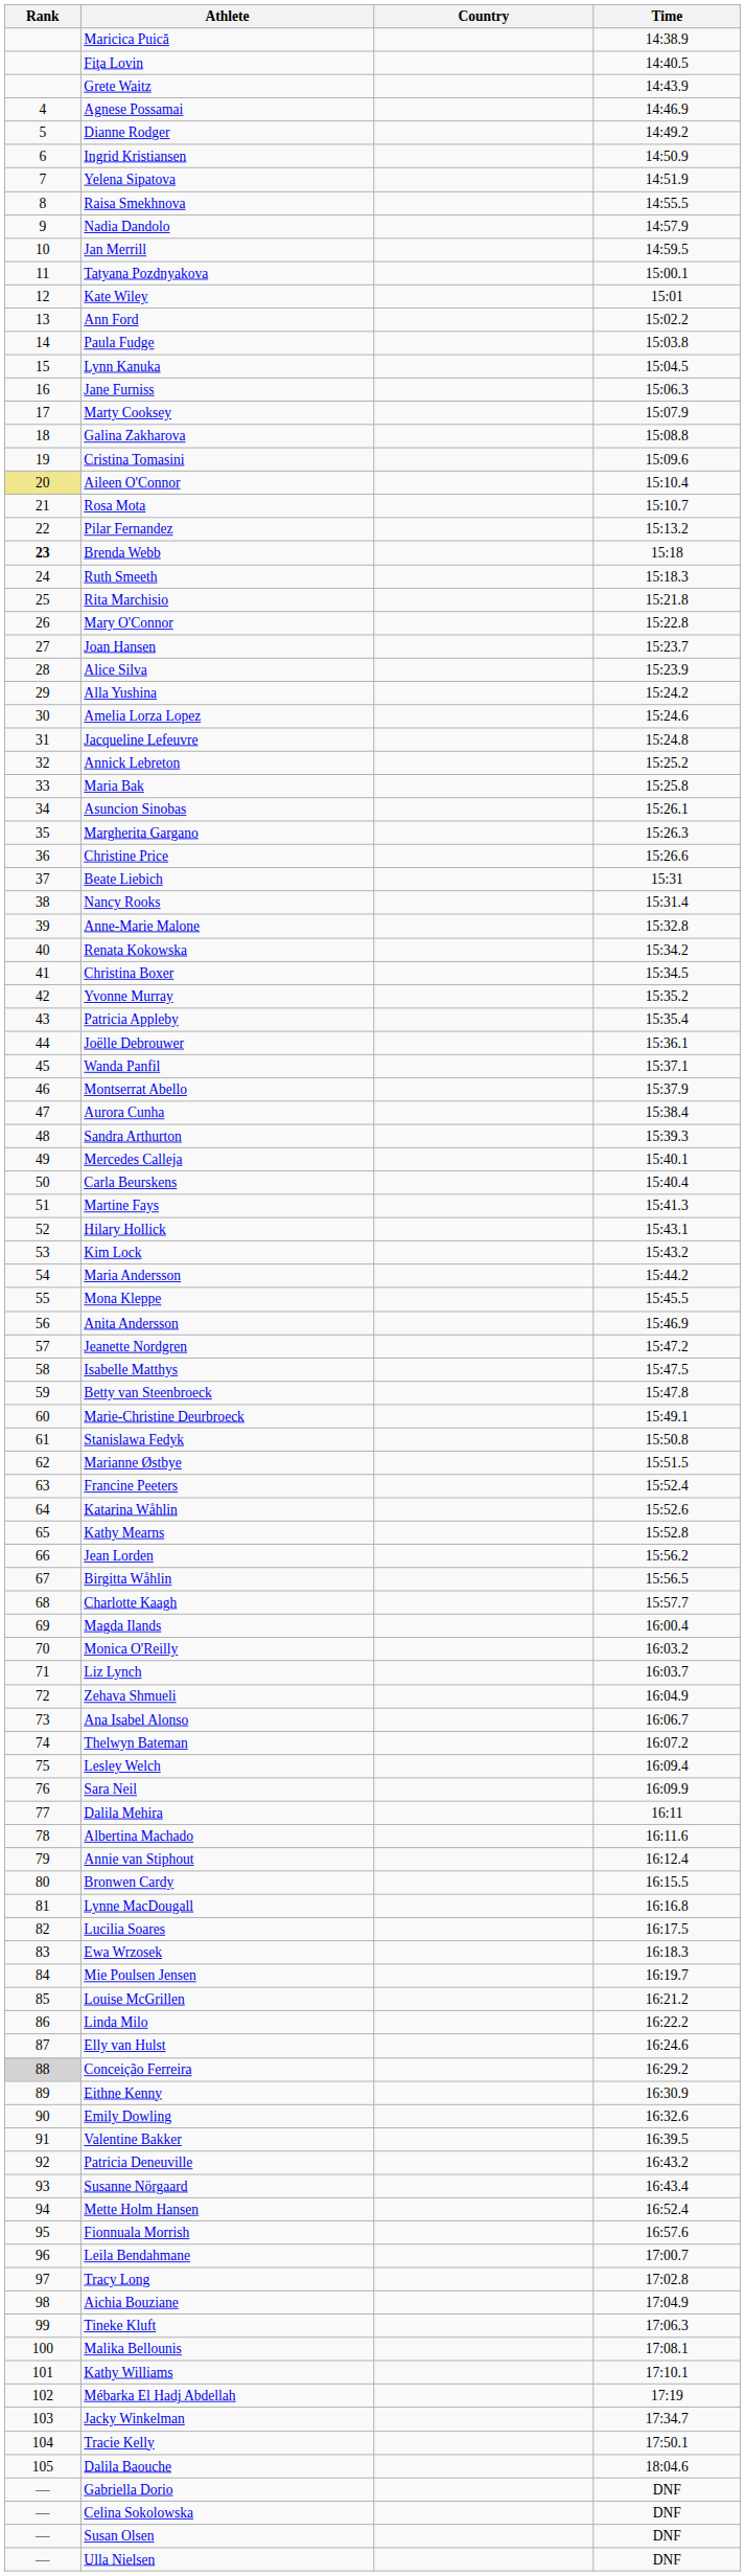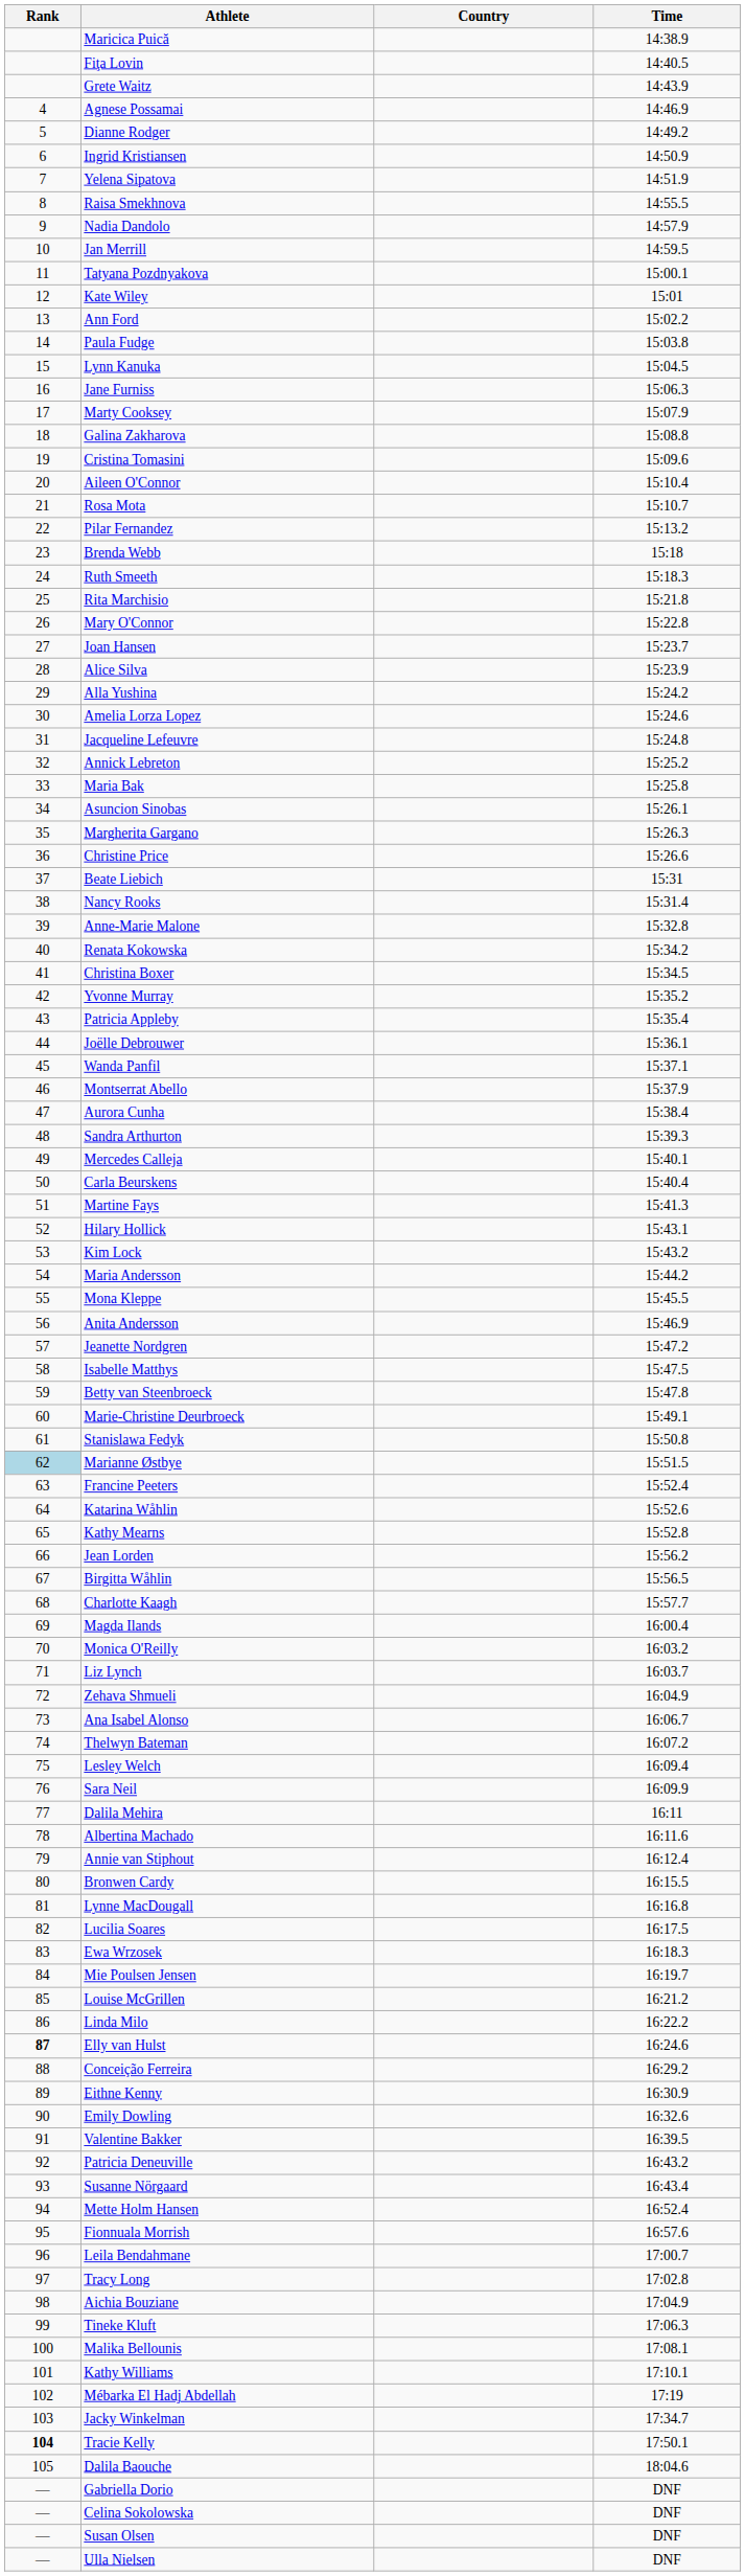 <table class="wikitable sortable" style=" text-align:center; font-size:95%;" width="50%">
 <tr>
 <th width=5%>Rank</th>
 <th width=20%>Athlete</th>
 <th width=15%>Country</th>
 <th width=10%>Time</th>
 </tr>
 <tr>
 <td align=center></td>
 <td align=left><a href='#'>Maricica Puică</a></td>
 <td align=left></td>
 <td>14:38.9</td>
 </tr>
 <tr>
 <td align=center></td>
 <td align=left><a href='#'>Fiţa Lovin</a></td>
 <td align=left></td>
 <td>14:40.5</td>
 </tr>
 <tr>
 <td align=center></td>
 <td align=left><a href='#'>Grete Waitz</a></td>
 <td align=left></td>
 <td>14:43.9</td>
 </tr>
 <tr>
 <td align=center>4</td>
 <td align=left><a href='#'>Agnese Possamai</a></td>
 <td align=left></td>
 <td>14:46.9</td>
 </tr>
 <tr>
 <td align=center>5</td>
 <td align=left><a href='#'>Dianne Rodger</a></td>
 <td align=left></td>
 <td>14:49.2</td>
 </tr>
 <tr>
 <td align=center>6</td>
 <td align=left><a href='#'>Ingrid Kristiansen</a></td>
 <td align=left></td>
 <td>14:50.9</td>
 </tr>
 <tr>
 <td align=center>7</td>
 <td align=left><a href='#'>Yelena Sipatova</a></td>
 <td align=left></td>
 <td>14:51.9</td>
 </tr>
 <tr>
 <td align=center>8</td>
 <td align=left><a href='#'>Raisa Smekhnova</a></td>
 <td align=left></td>
 <td>14:55.5</td>
 </tr>
 <tr>
 <td align=center>9</td>
 <td align=left><a href='#'>Nadia Dandolo</a></td>
 <td align=left></td>
 <td>14:57.9</td>
 </tr>
 <tr>
 <td align=center>10</td>
 <td align=left><a href='#'>Jan Merrill</a></td>
 <td align=left></td>
 <td>14:59.5</td>
 </tr>
 <tr>
 <td align=center>11</td>
 <td align=left><a href='#'>Tatyana Pozdnyakova</a></td>
 <td align=left></td>
 <td>15:00.1</td>
 </tr>
 <tr>
 <td align=center>12</td>
 <td align=left><a href='#'>Kate Wiley</a></td>
 <td align=left></td>
 <td>15:01</td>
 </tr>
 <tr>
 <td align=center>13</td>
 <td align=left><a href='#'>Ann Ford</a></td>
 <td align=left></td>
 <td>15:02.2</td>
 </tr>
 <tr>
 <td align=center>14</td>
 <td align=left><a href='#'>Paula Fudge</a></td>
 <td align=left></td>
 <td>15:03.8</td>
 </tr>
 <tr>
 <td align=center>15</td>
 <td align=left><a href='#'>Lynn Kanuka</a></td>
 <td align=left></td>
 <td>15:04.5</td>
 </tr>
 <tr>
 <td align=center>16</td>
 <td align=left><a href='#'>Jane Furniss</a></td>
 <td align=left></td>
 <td>15:06.3</td>
 </tr>
 <tr>
 <td align=center>17</td>
 <td align=left><a href='#'>Marty Cooksey</a></td>
 <td align=left></td>
 <td>15:07.9</td>
 </tr>
 <tr>
 <td align=center>18</td>
 <td align=left><a href='#'>Galina Zakharova</a></td>
 <td align=left></td>
 <td>15:08.8</td>
 </tr>
 <tr>
 <td align=center>19</td>
 <td align=left><a href='#'>Cristina Tomasini</a></td>
 <td align=left></td>
 <td>15:09.6</td>
 </tr>
 <tr>
-<td align=center style="background: khaki;">20</td>
+<td align=center>20</td>
 <td align=left><a href='#'>Aileen O'Connor</a></td>
 <td align=left></td>
 <td>15:10.4</td>
 </tr>
 <tr>
 <td align=center>21</td>
 <td align=left><a href='#'>Rosa Mota</a></td>
 <td align=left></td>
 <td>15:10.7</td>
 </tr>
 <tr>
 <td align=center>22</td>
 <td align=left><a href='#'>Pilar Fernandez</a></td>
 <td align=left></td>
 <td>15:13.2</td>
 </tr>
 <tr>
-<td align=center><strong>23</strong></td>
+<td align=center>23</td>
 <td align=left><a href='#'>Brenda Webb</a></td>
 <td align=left></td>
 <td>15:18</td>
 </tr>
 <tr>
 <td align=center>24</td>
 <td align=left><a href='#'>Ruth Smeeth</a></td>
 <td align=left></td>
 <td>15:18.3</td>
 </tr>
 <tr>
 <td align=center>25</td>
 <td align=left><a href='#'>Rita Marchisio</a></td>
 <td align=left></td>
 <td>15:21.8</td>
 </tr>
 <tr>
 <td align=center>26</td>
 <td align=left><a href='#'>Mary O'Connor</a></td>
 <td align=left></td>
 <td>15:22.8</td>
 </tr>
 <tr>
 <td align=center>27</td>
 <td align=left><a href='#'>Joan Hansen</a></td>
 <td align=left></td>
 <td>15:23.7</td>
 </tr>
 <tr>
 <td align=center>28</td>
 <td align=left><a href='#'>Alice Silva</a></td>
 <td align=left></td>
 <td>15:23.9</td>
 </tr>
 <tr>
 <td align=center>29</td>
 <td align=left><a href='#'>Alla Yushina</a></td>
 <td align=left></td>
 <td>15:24.2</td>
 </tr>
 <tr>
 <td align=center>30</td>
 <td align=left><a href='#'>Amelia Lorza Lopez</a></td>
 <td align=left></td>
 <td>15:24.6</td>
 </tr>
 <tr>
 <td align=center>31</td>
 <td align=left><a href='#'>Jacqueline Lefeuvre</a></td>
 <td align=left></td>
 <td>15:24.8</td>
 </tr>
 <tr>
 <td align=center>32</td>
 <td align=left><a href='#'>Annick Lebreton</a></td>
 <td align=left></td>
 <td>15:25.2</td>
 </tr>
 <tr>
 <td align=center>33</td>
 <td align=left><a href='#'>Maria Bak</a></td>
 <td align=left></td>
 <td>15:25.8</td>
 </tr>
 <tr>
 <td align=center>34</td>
 <td align=left><a href='#'>Asuncion Sinobas</a></td>
 <td align=left></td>
 <td>15:26.1</td>
 </tr>
 <tr>
 <td align=center>35</td>
 <td align=left><a href='#'>Margherita Gargano</a></td>
 <td align=left></td>
 <td>15:26.3</td>
 </tr>
 <tr>
 <td align=center>36</td>
 <td align=left><a href='#'>Christine Price</a></td>
 <td align=left></td>
 <td>15:26.6</td>
 </tr>
 <tr>
 <td align=center>37</td>
 <td align=left><a href='#'>Beate Liebich</a></td>
 <td align=left></td>
 <td>15:31</td>
 </tr>
 <tr>
 <td align=center>38</td>
 <td align=left><a href='#'>Nancy Rooks</a></td>
 <td align=left></td>
 <td>15:31.4</td>
 </tr>
 <tr>
 <td align=center>39</td>
 <td align=left><a href='#'>Anne-Marie Malone</a></td>
 <td align=left></td>
 <td>15:32.8</td>
 </tr>
 <tr>
 <td align=center>40</td>
 <td align=left><a href='#'>Renata Kokowska</a></td>
 <td align=left></td>
 <td>15:34.2</td>
 </tr>
 <tr>
 <td align=center>41</td>
 <td align=left><a href='#'>Christina Boxer</a></td>
 <td align=left></td>
 <td>15:34.5</td>
 </tr>
 <tr>
 <td align=center>42</td>
 <td align=left><a href='#'>Yvonne Murray</a></td>
 <td align=left></td>
 <td>15:35.2</td>
 </tr>
 <tr>
 <td align=center>43</td>
 <td align=left><a href='#'>Patricia Appleby</a></td>
 <td align=left></td>
 <td>15:35.4</td>
 </tr>
 <tr>
 <td align=center>44</td>
 <td align=left><a href='#'>Joëlle Debrouwer</a></td>
 <td align=left></td>
 <td>15:36.1</td>
 </tr>
 <tr>
 <td align=center>45</td>
 <td align=left><a href='#'>Wanda Panfil</a></td>
 <td align=left></td>
 <td>15:37.1</td>
 </tr>
 <tr>
 <td align=center>46</td>
 <td align=left><a href='#'>Montserrat Abello</a></td>
 <td align=left></td>
 <td>15:37.9</td>
 </tr>
 <tr>
 <td align=center>47</td>
 <td align=left><a href='#'>Aurora Cunha</a></td>
 <td align=left></td>
 <td>15:38.4</td>
 </tr>
 <tr>
 <td align=center>48</td>
 <td align=left><a href='#'>Sandra Arthurton</a></td>
 <td align=left></td>
 <td>15:39.3</td>
 </tr>
 <tr>
 <td align=center>49</td>
 <td align=left><a href='#'>Mercedes Calleja</a></td>
 <td align=left></td>
 <td>15:40.1</td>
 </tr>
 <tr>
 <td align=center>50</td>
 <td align=left><a href='#'>Carla Beurskens</a></td>
 <td align=left></td>
 <td>15:40.4</td>
 </tr>
 <tr>
 <td align=center>51</td>
 <td align=left><a href='#'>Martine Fays</a></td>
 <td align=left></td>
 <td>15:41.3</td>
 </tr>
 <tr>
 <td align=center>52</td>
 <td align=left><a href='#'>Hilary Hollick</a></td>
 <td align=left></td>
 <td>15:43.1</td>
 </tr>
 <tr>
 <td align=center>53</td>
 <td align=left><a href='#'>Kim Lock</a></td>
 <td align=left></td>
 <td>15:43.2</td>
 </tr>
 <tr>
 <td align=center>54</td>
 <td align=left><a href='#'>Maria Andersson</a></td>
 <td align=left></td>
 <td>15:44.2</td>
 </tr>
 <tr>
 <td align=center>55</td>
 <td align=left><a href='#'>Mona Kleppe</a></td>
 <td align=left></td>
 <td>15:45.5</td>
 </tr>
 <tr>
 <td align=center>56</td>
 <td align=left><a href='#'>Anita Andersson</a></td>
 <td align=left></td>
 <td>15:46.9</td>
 </tr>
 <tr>
 <td align=center>57</td>
 <td align=left><a href='#'>Jeanette Nordgren</a></td>
 <td align=left></td>
 <td>15:47.2</td>
 </tr>
 <tr>
 <td align=center>58</td>
 <td align=left><a href='#'>Isabelle Matthys</a></td>
 <td align=left></td>
 <td>15:47.5</td>
 </tr>
 <tr>
 <td align=center>59</td>
 <td align=left><a href='#'>Betty van Steenbroeck</a></td>
 <td align=left></td>
 <td>15:47.8</td>
 </tr>
 <tr>
 <td align=center>60</td>
 <td align=left><a href='#'>Marie-Christine Deurbroeck</a></td>
 <td align=left></td>
 <td>15:49.1</td>
 </tr>
 <tr>
 <td align=center>61</td>
 <td align=left><a href='#'>Stanislawa Fedyk</a></td>
 <td align=left></td>
 <td>15:50.8</td>
 </tr>
 <tr>
-<td align=center>62</td>
+<td align=center style="background: lightblue;">62</td>
 <td align=left><a href='#'>Marianne Østbye</a></td>
 <td align=left></td>
 <td>15:51.5</td>
 </tr>
 <tr>
 <td align=center>63</td>
 <td align=left><a href='#'>Francine Peeters</a></td>
 <td align=left></td>
 <td>15:52.4</td>
 </tr>
 <tr>
 <td align=center>64</td>
 <td align=left><a href='#'>Katarina Wåhlin</a></td>
 <td align=left></td>
 <td>15:52.6</td>
 </tr>
 <tr>
 <td align=center>65</td>
 <td align=left><a href='#'>Kathy Mearns</a></td>
 <td align=left></td>
 <td>15:52.8</td>
 </tr>
 <tr>
 <td align=center>66</td>
 <td align=left><a href='#'>Jean Lorden</a></td>
 <td align=left></td>
 <td>15:56.2</td>
 </tr>
 <tr>
 <td align=center>67</td>
 <td align=left><a href='#'>Birgitta Wåhlin</a></td>
 <td align=left></td>
 <td>15:56.5</td>
 </tr>
 <tr>
 <td align=center>68</td>
 <td align=left><a href='#'>Charlotte Kaagh</a></td>
 <td align=left></td>
 <td>15:57.7</td>
 </tr>
 <tr>
 <td align=center>69</td>
 <td align=left><a href='#'>Magda Ilands</a></td>
 <td align=left></td>
 <td>16:00.4</td>
 </tr>
 <tr>
 <td align=center>70</td>
 <td align=left><a href='#'>Monica O'Reilly</a></td>
 <td align=left></td>
 <td>16:03.2</td>
 </tr>
 <tr>
 <td align=center>71</td>
 <td align=left><a href='#'>Liz Lynch</a></td>
 <td align=left></td>
 <td>16:03.7</td>
 </tr>
 <tr>
 <td align=center>72</td>
 <td align=left><a href='#'>Zehava Shmueli</a></td>
 <td align=left></td>
 <td>16:04.9</td>
 </tr>
 <tr>
 <td align=center>73</td>
 <td align=left><a href='#'>Ana Isabel Alonso</a></td>
 <td align=left></td>
 <td>16:06.7</td>
 </tr>
 <tr>
 <td align=center>74</td>
 <td align=left><a href='#'>Thelwyn Bateman</a></td>
 <td align=left></td>
 <td>16:07.2</td>
 </tr>
 <tr>
 <td align=center>75</td>
 <td align=left><a href='#'>Lesley Welch</a></td>
 <td align=left></td>
 <td>16:09.4</td>
 </tr>
 <tr>
 <td align=center>76</td>
 <td align=left><a href='#'>Sara Neil</a></td>
 <td align=left></td>
 <td>16:09.9</td>
 </tr>
 <tr>
 <td align=center>77</td>
 <td align=left><a href='#'>Dalila Mehira</a></td>
 <td align=left></td>
 <td>16:11</td>
 </tr>
 <tr>
 <td align=center>78</td>
 <td align=left><a href='#'>Albertina Machado</a></td>
 <td align=left></td>
 <td>16:11.6</td>
 </tr>
 <tr>
 <td align=center>79</td>
 <td align=left><a href='#'>Annie van Stiphout</a></td>
 <td align=left></td>
 <td>16:12.4</td>
 </tr>
 <tr>
 <td align=center>80</td>
 <td align=left><a href='#'>Bronwen Cardy</a></td>
 <td align=left></td>
 <td>16:15.5</td>
 </tr>
 <tr>
 <td align=center>81</td>
 <td align=left><a href='#'>Lynne MacDougall</a></td>
 <td align=left></td>
 <td>16:16.8</td>
 </tr>
 <tr>
 <td align=center>82</td>
 <td align=left><a href='#'>Lucilia Soares</a></td>
 <td align=left></td>
 <td>16:17.5</td>
 </tr>
 <tr>
 <td align=center>83</td>
 <td align=left><a href='#'>Ewa Wrzosek</a></td>
 <td align=left></td>
 <td>16:18.3</td>
 </tr>
 <tr>
 <td align=center>84</td>
 <td align=left><a href='#'>Mie Poulsen Jensen</a></td>
 <td align=left></td>
 <td>16:19.7</td>
 </tr>
 <tr>
 <td align=center>85</td>
 <td align=left><a href='#'>Louise McGrillen</a></td>
 <td align=left></td>
 <td>16:21.2</td>
 </tr>
 <tr>
 <td align=center>86</td>
 <td align=left><a href='#'>Linda Milo</a></td>
 <td align=left></td>
 <td>16:22.2</td>
 </tr>
 <tr>
-<td align=center>87</td>
+<td align=center><strong>87</strong></td>
 <td align=left><a href='#'>Elly van Hulst</a></td>
 <td align=left></td>
 <td>16:24.6</td>
 </tr>
 <tr>
-<td align=center style="background: lightgrey;">88</td>
+<td align=center>88</td>
 <td align=left><a href='#'>Conceição Ferreira</a></td>
 <td align=left></td>
 <td>16:29.2</td>
 </tr>
 <tr>
 <td align=center>89</td>
 <td align=left><a href='#'>Eithne Kenny</a></td>
 <td align=left></td>
 <td>16:30.9</td>
 </tr>
 <tr>
 <td align=center>90</td>
 <td align=left><a href='#'>Emily Dowling</a></td>
 <td align=left></td>
 <td>16:32.6</td>
 </tr>
 <tr>
 <td align=center>91</td>
 <td align=left><a href='#'>Valentine Bakker</a></td>
 <td align=left></td>
 <td>16:39.5</td>
 </tr>
 <tr>
 <td align=center>92</td>
 <td align=left><a href='#'>Patricia Deneuville</a></td>
 <td align=left></td>
 <td>16:43.2</td>
 </tr>
 <tr>
 <td align=center>93</td>
 <td align=left><a href='#'>Susanne Nörgaard</a></td>
 <td align=left></td>
 <td>16:43.4</td>
 </tr>
 <tr>
 <td align=center>94</td>
 <td align=left><a href='#'>Mette Holm Hansen</a></td>
 <td align=left></td>
 <td>16:52.4</td>
 </tr>
 <tr>
 <td align=center>95</td>
 <td align=left><a href='#'>Fionnuala Morrish</a></td>
 <td align=left></td>
 <td>16:57.6</td>
 </tr>
 <tr>
 <td align=center>96</td>
 <td align=left><a href='#'>Leila Bendahmane</a></td>
 <td align=left></td>
 <td>17:00.7</td>
 </tr>
 <tr>
 <td align=center>97</td>
 <td align=left><a href='#'>Tracy Long</a></td>
 <td align=left></td>
 <td>17:02.8</td>
 </tr>
 <tr>
 <td align=center>98</td>
 <td align=left><a href='#'>Aichia Bouziane</a></td>
 <td align=left></td>
 <td>17:04.9</td>
 </tr>
 <tr>
 <td align=center>99</td>
 <td align=left><a href='#'>Tineke Kluft</a></td>
 <td align=left></td>
 <td>17:06.3</td>
 </tr>
 <tr>
 <td align=center>100</td>
 <td align=left><a href='#'>Malika Bellounis</a></td>
 <td align=left></td>
 <td>17:08.1</td>
 </tr>
 <tr>
 <td align=center>101</td>
 <td align=left><a href='#'>Kathy Williams</a></td>
 <td align=left></td>
 <td>17:10.1</td>
 </tr>
 <tr>
 <td align=center>102</td>
 <td align=left><a href='#'>Mébarka El Hadj Abdellah</a></td>
 <td align=left></td>
 <td>17:19</td>
 </tr>
 <tr>
 <td align=center>103</td>
 <td align=left><a href='#'>Jacky Winkelman</a></td>
 <td align=left></td>
 <td>17:34.7</td>
 </tr>
 <tr>
-<td align=center>104</td>
+<td align=center><strong>104</strong></td>
 <td align=left><a href='#'>Tracie Kelly</a></td>
 <td align=left></td>
 <td>17:50.1</td>
 </tr>
 <tr>
 <td align=center>105</td>
 <td align=left><a href='#'>Dalila Baouche</a></td>
 <td align=left></td>
 <td>18:04.6</td>
 </tr>
 <tr>
 <td align=center>—</td>
 <td align=left><a href='#'>Gabriella Dorio</a></td>
 <td align=left></td>
 <td>DNF</td>
 </tr>
 <tr>
 <td align=center>—</td>
 <td align=left><a href='#'>Celina Sokolowska</a></td>
 <td align=left></td>
 <td>DNF</td>
 </tr>
 <tr>
 <td align=center>—</td>
 <td align=left><a href='#'>Susan Olsen</a></td>
 <td align=left></td>
 <td>DNF</td>
 </tr>
 <tr>
 <td align=center>—</td>
 <td align=left><a href='#'>Ulla Nielsen</a></td>
 <td align=left></td>
 <td>DNF</td>
 </tr>
 </table>
